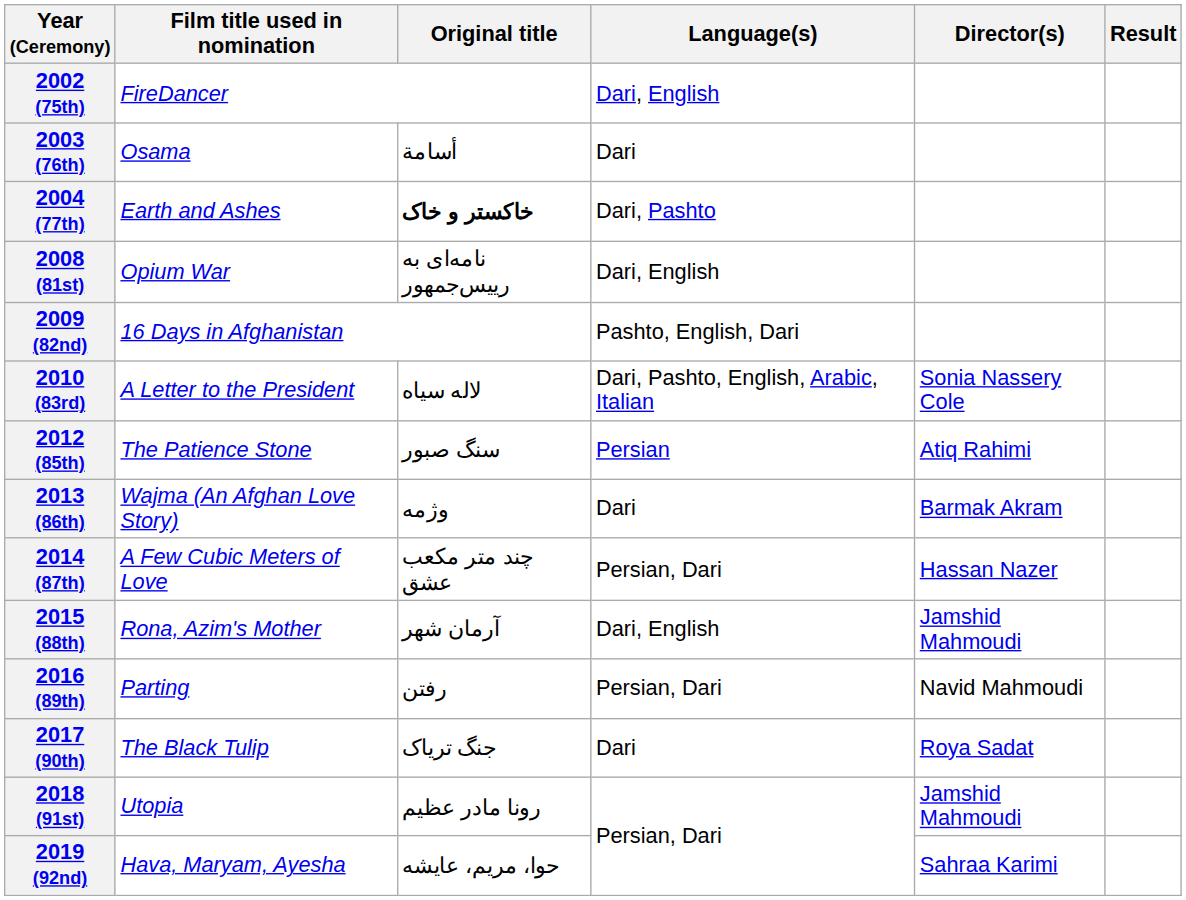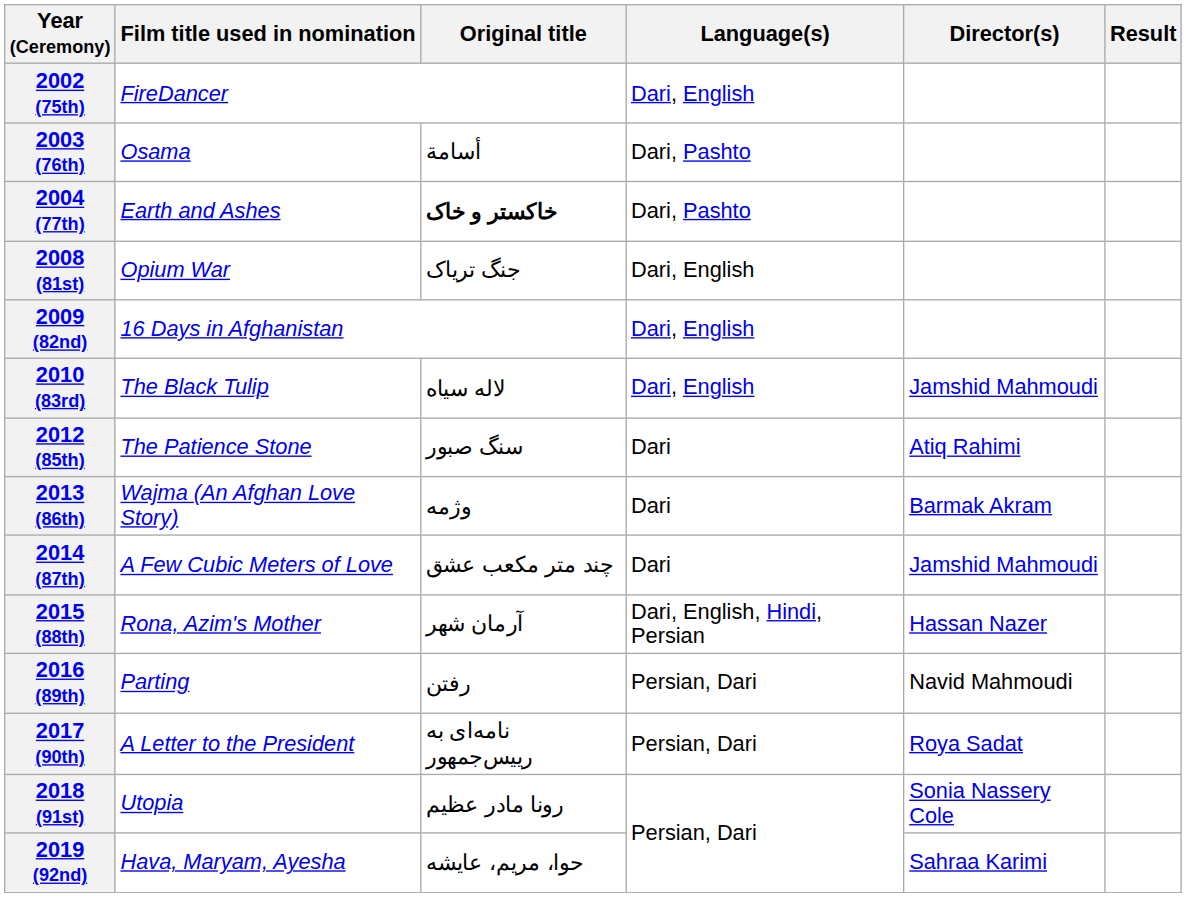 <table class="wikitable sortable" width="98%" style="background:#ffffff;">
 <tr>
 <th>Year<br><small>(Ceremony)</small></th>
 <th>Film title used in nomination</th>
 <th>Original title</th>
 <th>Language(s)</th>
 <th>Director(s)</th>
 <th>Result</th>
 </tr>
 <tr>
 <th align="center"><a href='#'>2002</a><br><small><a href='#'>(75th)</a></small></th>
 <td colspan="2"><em><a href='#'>FireDancer</a></em></td>
 <td><a href='#'>Dari</a>, <a href='#'>English</a></td>
 <td></td>
 <td></td>
 </tr>
 <tr>
 <th align="center"><a href='#'>2003</a><br><small><a href='#'>(76th)</a></small></th>
 <td><em><a href='#'>Osama</a></em></td>
 <td>أسامة</td>
-<td>Dari</td>
+<td>Dari, <a href='#'>Pashto</a></td>
 <td></td>
 <td></td>
 </tr>
 <tr>
 <th align="center"><a href='#'>2004</a><br><small><a href='#'>(77th)</a></small></th>
 <td><em><a href='#'>Earth and Ashes</a></em></td>
 <td><strong>خاکستر و خاک</strong></td>
 <td>Dari, <a href='#'>Pashto</a></td>
 <td></td>
 <td></td>
 </tr>
 <tr>
 <th align="center"><a href='#'>2008</a><br><small><a href='#'>(81st)</a></small></th>
 <td><em><a href='#'>Opium War</a></em></td>
-<td>نامه‌ای به رییس‌جمهور</td>
+<td>جنگ تریاک</td>
 <td>Dari, English</td>
 <td></td>
 <td></td>
 </tr>
 <tr>
 <th align="center"><a href='#'>2009</a><br><small><a href='#'>(82nd)</a></small></th>
 <td colspan="2"><em><a href='#'>16 Days in Afghanistan</a></em></td>
-<td>Pashto, English, Dari</td>
+<td><a href='#'>Dari</a>, <a href='#'>English</a></td>
 <td></td>
 <td></td>
 </tr>
 <tr>
 <th align="center"><a href='#'>2010</a><br><small><a href='#'>(83rd)</a></small></th>
-<td><em><a href='#'>A Letter to the President</a></em></td>
+<td><em><a href='#'>The Black Tulip</a></em></td>
 <td>لاله سیاه</td>
-<td>Dari, Pashto, English, <a href='#'>Arabic</a>, <a href='#'>Italian</a></td>
-<td><a href='#'>Sonia Nassery Cole</a></td>
+<td><a href='#'>Dari</a>, <a href='#'>English</a></td>
+<td><a href='#'>Jamshid Mahmoudi</a></td>
 <td></td>
 </tr>
 <tr>
 <th align="center"><a href='#'>2012</a><br><small><a href='#'>(85th)</a></small></th>
 <td><em><a href='#'>The Patience Stone</a></em></td>
 <td>سنگ صبور</td>
-<td><a href='#'>Persian</a></td>
+<td>Dari</td>
 <td><a href='#'>Atiq Rahimi</a></td>
 <td></td>
 </tr>
 <tr>
 <th align="center"><a href='#'>2013</a><br><small><a href='#'>(86th)</a></small></th>
 <td><em><a href='#'>Wajma (An Afghan Love Story)</a></em></td>
 <td>وژمه</td>
 <td>Dari</td>
 <td><a href='#'>Barmak Akram</a></td>
 <td></td>
 </tr>
 <tr>
 <th align="center"><a href='#'>2014</a><br><small><a href='#'>(87th)</a></small></th>
 <td><em><a href='#'>A Few Cubic Meters of Love</a></em></td>
 <td>چند متر مکعب عشق</td>
-<td>Persian, Dari</td>
-<td><a href='#'>Hassan Nazer</a></td>
+<td>Dari</td>
+<td><a href='#'>Jamshid Mahmoudi</a></td>
 <td></td>
 </tr>
 <tr>
 <th align="center"><a href='#'>2015</a><br><small><a href='#'>(88th)</a></small></th>
 <td><em><a href='#'>Rona, Azim's Mother</a></em></td>
 <td>آرمان شهر</td>
-<td>Dari, English</td>
-<td><a href='#'>Jamshid Mahmoudi</a></td>
+<td>Dari, English, <a href='#'>Hindi</a>, Persian</td>
+<td><a href='#'>Hassan Nazer</a></td>
 <td></td>
 </tr>
 <tr>
 <th align="center"><a href='#'>2016</a><br><small><a href='#'>(89th)</a></small></th>
 <td><em><a href='#'>Parting</a></em></td>
 <td>رفتن</td>
 <td>Persian, Dari</td>
 <td>Navid Mahmoudi</td>
 <td></td>
 </tr>
 <tr>
 <th align="center"><a href='#'>2017</a><br><small><a href='#'>(90th)</a></small></th>
-<td><em><a href='#'>The Black Tulip</a></em></td>
-<td>جنگ تریاک</td>
-<td>Dari</td>
+<td><em><a href='#'>A Letter to the President</a></em></td>
+<td>نامه‌ای به رییس‌جمهور</td>
+<td>Persian, Dari</td>
 <td><a href='#'>Roya Sadat</a></td>
 <td></td>
 </tr>
 <tr>
 <th align="center"><a href='#'>2018</a><br><small><a href='#'>(91st)</a></small></th>
 <td><em><a href='#'>Utopia</a></em></td>
 <td>رونا مادر عظیم</td>
 <td rowspan="2">Persian, Dari</td>
-<td><a href='#'>Jamshid Mahmoudi</a></td>
+<td><a href='#'>Sonia Nassery Cole</a></td>
 <td></td>
 </tr>
 <tr>
 <th align="center"><a href='#'>2019</a><br><small><a href='#'>(92nd)</a></small></th>
 <td><em><a href='#'>Hava, Maryam, Ayesha</a></em></td>
 <td>حوا، مریم،  عایشه</td>
 <td><a href='#'>Sahraa Karimi</a></td>
 <td></td>
 </tr>
 </table>
